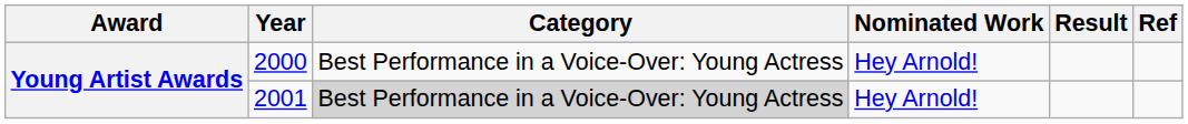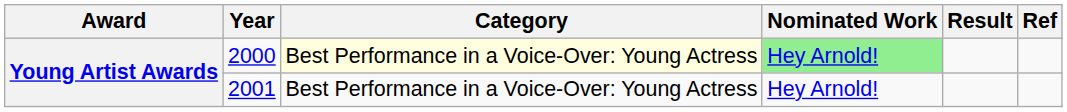 <table class="wikitable plainrowheaders sortable">
 <tr>
 <th scope="col">Award</th>
 <th scope="col">Year</th>
 <th scope="col">Category</th>
 <th scope="col">Nominated Work</th>
 <th scope="col">Result</th>
 <th scope="col" class="unsortable">Ref</th>
 </tr>
 <tr>
 <th scope="row" rowspan = "2"><a href='#'>Young Artist Awards</a></th>
 <td><a href='#'>2000</a></td>
+<td style="background: lightyellow;">Best Performance in a Voice-Over: Young Actress</td>
+<td style="background: lightgreen;"><a href='#'>Hey Arnold!</a></td>
+<td></td>
+<td></td>
+</tr>
+<tr>
+<td><a href='#'>2001</a></td>
 <td>Best Performance in a Voice-Over: Young Actress</td>
 <td><a href='#'>Hey Arnold!</a></td>
 <td></td>
 <td></td>
 </tr>
-<tr>
-<td><a href='#'>2001</a></td>
-<td style="background: lightgrey;">Best Performance in a Voice-Over: Young Actress</td>
-<td><a href='#'>Hey Arnold!</a></td>
-<td></td>
-<td></td>
-</tr>
 </table>
